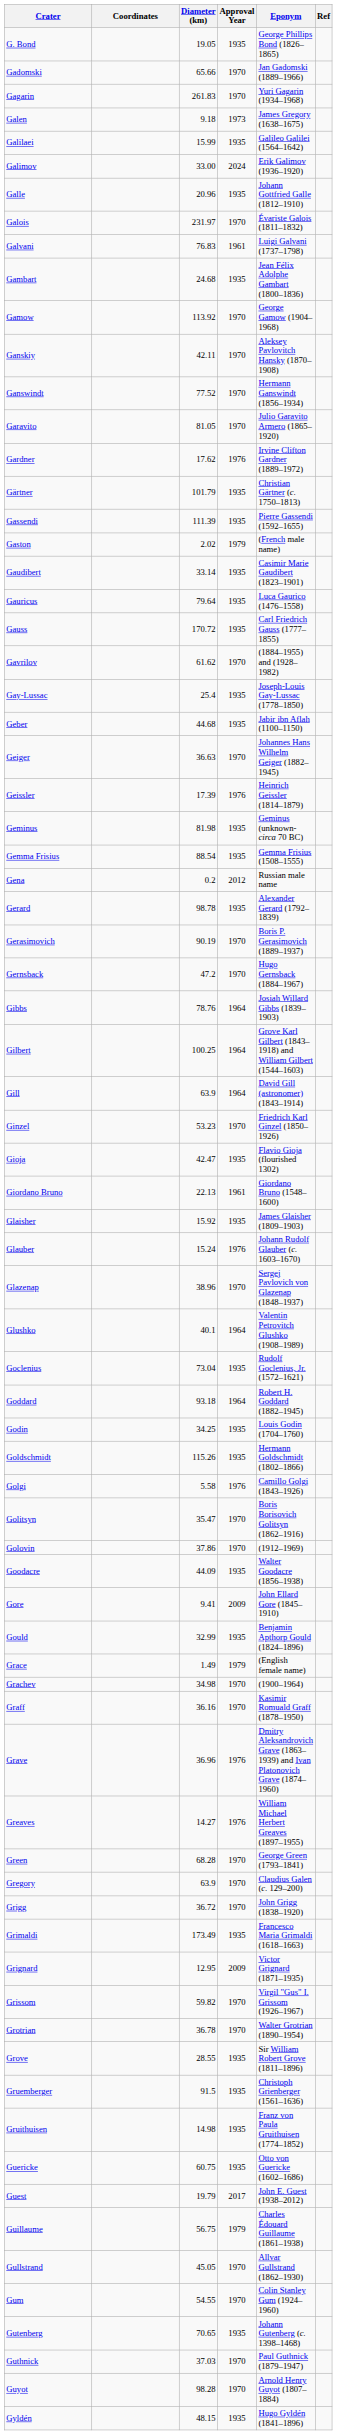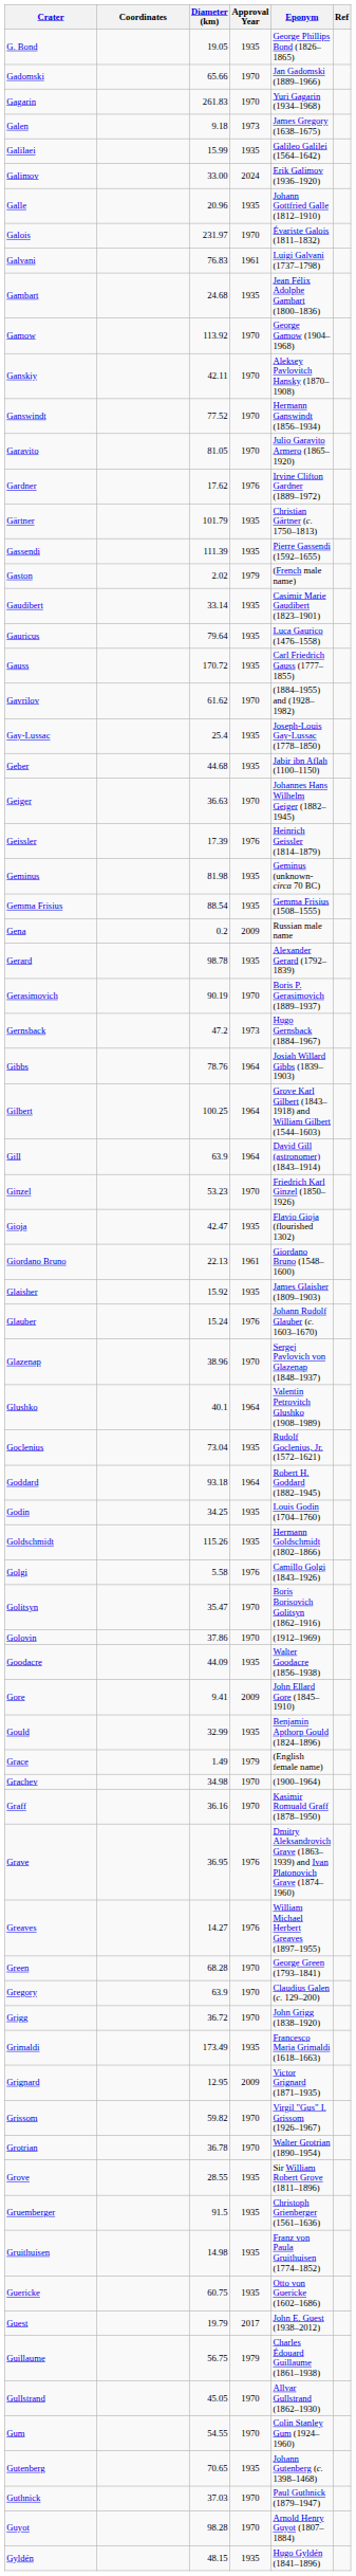 <table class="wikitable sortable" style="min-width: 90%">
 <tr>
 <th style="width:10em"><a href='#'>Crater</a></th>
 <th data-sort-type="number" style="width:10em">Coordinates</th>
 <th><a href='#'>Diameter</a><br>(km)</th>
 <th>Approval<br>Year</th>
 <th><a href='#'>Eponym</a></th>
 <th>Ref</th>
 </tr>
 <tr id="G. Bond">
 <td><a href='#'>G. Bond</a></td>
 <td></td>
 <td align=right>19.05</td>
 <td align=center>1935</td>
 <td><a href='#'>George Phillips Bond</a> (1826–1865)</td>
 <td></td>
 </tr>
 <tr id="Gadomski">
 <td><a href='#'>Gadomski</a></td>
 <td></td>
 <td align=right>65.66</td>
 <td align=center>1970</td>
 <td><a href='#'>Jan Gadomski</a> (1889–1966)</td>
 <td></td>
 </tr>
 <tr id="Gagarin">
 <td><a href='#'>Gagarin</a></td>
 <td></td>
 <td align=right>261.83</td>
 <td align=center>1970</td>
 <td><a href='#'>Yuri Gagarin</a> (1934–1968)</td>
 <td></td>
 </tr>
 <tr id="Galen">
 <td><a href='#'>Galen</a></td>
 <td></td>
 <td align=right>9.18</td>
 <td align=center>1973</td>
 <td><a href='#'>James Gregory</a> (1638–1675)</td>
 <td></td>
 </tr>
 <tr id="Galilaei">
 <td><a href='#'>Galilaei</a></td>
 <td></td>
 <td align=right>15.99</td>
 <td align=center>1935</td>
 <td><a href='#'>Galileo Galilei</a> (1564–1642)</td>
 <td></td>
 </tr>
 <tr id="Galimov">
 <td><a href='#'>Galimov</a></td>
 <td></td>
 <td align=right>33.00</td>
 <td align=center>2024</td>
 <td><a href='#'>Erik Galimov</a> (1936–1920)</td>
 <td></td>
 </tr>
 <tr id="Galle">
 <td><a href='#'>Galle</a></td>
 <td></td>
 <td align=right>20.96</td>
 <td align=center>1935</td>
 <td><a href='#'>Johann Gottfried Galle</a> (1812–1910)</td>
 <td></td>
 </tr>
 <tr id="Galois">
 <td><a href='#'>Galois</a></td>
 <td></td>
 <td align=right>231.97</td>
 <td align=center>1970</td>
 <td><a href='#'>Évariste Galois</a> (1811–1832)</td>
 <td></td>
 </tr>
 <tr id="Galvani">
 <td><a href='#'>Galvani</a></td>
 <td></td>
 <td align=right>76.83</td>
 <td align=center>1961</td>
 <td><a href='#'>Luigi Galvani</a> (1737–1798)</td>
 <td></td>
 </tr>
 <tr id="Gambart">
 <td><a href='#'>Gambart</a></td>
 <td></td>
 <td align=right>24.68</td>
 <td align=center>1935</td>
 <td><a href='#'>Jean Félix Adolphe Gambart</a> (1800–1836)</td>
 <td></td>
 </tr>
 <tr id="Gamow">
 <td><a href='#'>Gamow</a></td>
 <td></td>
 <td align=right>113.92</td>
 <td align=center>1970</td>
 <td><a href='#'>George Gamow</a> (1904–1968)</td>
 <td></td>
 </tr>
 <tr id="Ganskiy">
 <td><a href='#'>Ganskiy</a></td>
 <td></td>
 <td align=right>42.11</td>
 <td align=center>1970</td>
 <td><a href='#'>Aleksey Pavlovitch Hansky</a> (1870–1908)</td>
 <td></td>
 </tr>
 <tr id="Ganswindt">
 <td><a href='#'>Ganswindt</a></td>
 <td></td>
 <td align=right>77.52</td>
 <td align=center>1970</td>
 <td><a href='#'>Hermann Ganswindt</a> (1856–1934)</td>
 <td></td>
 </tr>
 <tr id="Garavito">
 <td><a href='#'>Garavito</a></td>
 <td></td>
 <td align=right>81.05</td>
 <td align=center>1970</td>
 <td><a href='#'>Julio Garavito Armero</a> (1865–1920)</td>
 <td></td>
 </tr>
 <tr id="Gardner">
 <td><a href='#'>Gardner</a></td>
 <td></td>
 <td align=right>17.62</td>
 <td align=center>1976</td>
 <td><a href='#'>Irvine Clifton Gardner</a> (1889–1972)</td>
 <td></td>
 </tr>
 <tr id="Gärtner">
 <td><a href='#'>Gärtner</a></td>
 <td></td>
 <td align=right>101.79</td>
 <td align=center>1935</td>
 <td><a href='#'>Christian Gärtner</a> (<em>c.</em> 1750–1813)</td>
 <td></td>
 </tr>
 <tr id="Gassendi">
 <td><a href='#'>Gassendi</a></td>
 <td></td>
 <td align=right>111.39</td>
 <td align=center>1935</td>
 <td><a href='#'>Pierre Gassendi</a> (1592–1655)</td>
 <td></td>
 </tr>
 <tr id="Gaston">
 <td><a href='#'>Gaston</a></td>
 <td></td>
 <td align=right>2.02</td>
 <td align=center>1979</td>
 <td>(<a href='#'>French</a> male name)</td>
 <td></td>
 </tr>
 <tr id="Gaudibert">
 <td><a href='#'>Gaudibert</a></td>
 <td></td>
 <td align=right>33.14</td>
 <td align=center>1935</td>
 <td><a href='#'>Casimir Marie Gaudibert</a> (1823–1901)</td>
 <td></td>
 </tr>
 <tr id="Gauricus">
 <td><a href='#'>Gauricus</a></td>
 <td></td>
 <td align=right>79.64</td>
 <td align=center>1935</td>
 <td><a href='#'>Luca Gaurico</a> (1476–1558)</td>
 <td></td>
 </tr>
 <tr id="Gauss">
 <td><a href='#'>Gauss</a></td>
 <td></td>
 <td align=right>170.72</td>
 <td align=center>1935</td>
 <td><a href='#'>Carl Friedrich Gauss</a> (1777–1855)</td>
 <td></td>
 </tr>
 <tr id="Gavrilov">
 <td><a href='#'>Gavrilov</a></td>
 <td></td>
 <td align=right>61.62</td>
 <td align=center>1970</td>
 <td> (1884–1955) and  (1928–1982)</td>
 <td></td>
 </tr>
 <tr id="Gay-Lussac">
 <td><a href='#'>Gay-Lussac</a></td>
 <td></td>
 <td align=right>25.4</td>
 <td align=center>1935</td>
 <td><a href='#'>Joseph-Louis Gay-Lussac</a> (1778–1850)</td>
 <td></td>
 </tr>
 <tr id="Geber">
 <td><a href='#'>Geber</a></td>
 <td></td>
 <td align=right>44.68</td>
 <td align=center>1935</td>
 <td><a href='#'>Jabir ibn Aflah</a> (1100–1150)</td>
 <td></td>
 </tr>
 <tr id="Geiger">
 <td><a href='#'>Geiger</a></td>
 <td></td>
 <td align=right>36.63</td>
 <td align=center>1970</td>
 <td><a href='#'>Johannes Hans Wilhelm Geiger</a> (1882–1945)</td>
 <td></td>
 </tr>
 <tr id="Geissler">
 <td><a href='#'>Geissler</a></td>
 <td></td>
 <td align=right>17.39</td>
 <td align=center>1976</td>
 <td><a href='#'>Heinrich Geissler</a> (1814–1879)</td>
 <td></td>
 </tr>
 <tr id="Geminus">
 <td><a href='#'>Geminus</a></td>
 <td></td>
 <td align=right>81.98</td>
 <td align=center>1935</td>
 <td><a href='#'>Geminus</a> (unknown-<em>circa</em> 70 BC)</td>
 <td></td>
 </tr>
 <tr id="Gemma Frisius">
 <td><a href='#'>Gemma Frisius</a></td>
 <td></td>
 <td align=right>88.54</td>
 <td align=center>1935</td>
 <td><a href='#'>Gemma Frisius</a> (1508–1555)</td>
 <td></td>
 </tr>
 <tr id="Gena">
 <td><a href='#'>Gena</a></td>
 <td></td>
 <td align=right>0.2</td>
-<td align=center>2012</td>
+<td align=center>2009</td>
 <td>Russian male name</td>
 <td></td>
 </tr>
 <tr id="Gerard">
 <td><a href='#'>Gerard</a></td>
 <td></td>
 <td align=right>98.78</td>
 <td align=center>1935</td>
 <td><a href='#'>Alexander Gerard</a> (1792–1839)</td>
 <td></td>
 </tr>
 <tr id="Gerasimovich">
 <td><a href='#'>Gerasimovich</a></td>
 <td></td>
 <td align=right>90.19</td>
 <td align=center>1970</td>
 <td><a href='#'>Boris P. Gerasimovich</a> (1889–1937)</td>
 <td></td>
 </tr>
 <tr id="Gernsback">
 <td><a href='#'>Gernsback</a></td>
 <td></td>
 <td align=right>47.2</td>
-<td align=center>1970</td>
+<td align=center>1973</td>
 <td><a href='#'>Hugo Gernsback</a> (1884–1967)</td>
 <td></td>
 </tr>
 <tr id="Gibbs">
 <td><a href='#'>Gibbs</a></td>
 <td></td>
 <td align=right>78.76</td>
 <td align=center>1964</td>
 <td><a href='#'>Josiah Willard Gibbs</a> (1839–1903)</td>
 <td></td>
 </tr>
 <tr id="Gilbert">
 <td><a href='#'>Gilbert</a></td>
 <td></td>
 <td align=right>100.25</td>
 <td align=center>1964</td>
 <td><a href='#'>Grove Karl Gilbert</a> (1843–1918) and <a href='#'>William Gilbert</a> (1544–1603)</td>
 <td></td>
 </tr>
 <tr id="Gill">
 <td><a href='#'>Gill</a></td>
 <td></td>
 <td align=right>63.9</td>
 <td align=center>1964</td>
 <td><a href='#'>David Gill (astronomer)</a> (1843–1914)</td>
 <td></td>
 </tr>
 <tr id="Ginzel">
 <td><a href='#'>Ginzel</a></td>
 <td></td>
 <td align=right>53.23</td>
 <td align=center>1970</td>
 <td><a href='#'>Friedrich Karl Ginzel</a> (1850–1926)</td>
 <td></td>
 </tr>
 <tr id="Gioja">
 <td><a href='#'>Gioja</a></td>
 <td></td>
 <td align=right>42.47</td>
 <td align=center>1935</td>
 <td><a href='#'>Flavio Gioja</a> (flourished 1302)</td>
 <td></td>
 </tr>
 <tr id="Giordano Bruno">
 <td><a href='#'>Giordano Bruno</a></td>
 <td></td>
 <td align=right>22.13</td>
 <td align=center>1961</td>
 <td><a href='#'>Giordano Bruno</a> (1548–1600)</td>
 <td></td>
 </tr>
 <tr id="Glaisher">
 <td><a href='#'>Glaisher</a></td>
 <td></td>
 <td align=right>15.92</td>
 <td align=center>1935</td>
 <td><a href='#'>James Glaisher</a> (1809–1903)</td>
 <td></td>
 </tr>
 <tr id="Glauber">
 <td><a href='#'>Glauber</a></td>
 <td></td>
 <td align=right>15.24</td>
 <td align=center>1976</td>
 <td><a href='#'>Johann Rudolf Glauber</a> (<em>c.</em> 1603–1670)</td>
 <td></td>
 </tr>
 <tr id="Glazenap">
 <td><a href='#'>Glazenap</a></td>
 <td></td>
 <td align=right>38.96</td>
 <td align=center>1970</td>
 <td><a href='#'>Sergej Pavlovich von Glazenap</a> (1848–1937)</td>
 <td></td>
 </tr>
 <tr id="Glushko">
 <td><a href='#'>Glushko</a></td>
 <td></td>
 <td align=right>40.1</td>
 <td align=center>1964</td>
 <td><a href='#'>Valentin Petrovitch Glushko</a> (1908–1989)</td>
 <td></td>
 </tr>
 <tr id="Goclenius">
 <td><a href='#'>Goclenius</a></td>
 <td></td>
 <td align=right>73.04</td>
 <td align=center>1935</td>
 <td><a href='#'>Rudolf Goclenius, Jr.</a> (1572–1621)</td>
 <td></td>
 </tr>
 <tr id="Goddard">
 <td><a href='#'>Goddard</a></td>
 <td></td>
 <td align=right>93.18</td>
 <td align=center>1964</td>
 <td><a href='#'>Robert H. Goddard</a> (1882–1945)</td>
 <td></td>
 </tr>
 <tr id="Godin">
 <td><a href='#'>Godin</a></td>
 <td></td>
 <td align=right>34.25</td>
 <td align=center>1935</td>
 <td><a href='#'>Louis Godin</a> (1704–1760)</td>
 <td></td>
 </tr>
 <tr id="Goldschmidt">
 <td><a href='#'>Goldschmidt</a></td>
 <td></td>
 <td align=right>115.26</td>
 <td align=center>1935</td>
 <td><a href='#'>Hermann Goldschmidt</a> (1802–1866)</td>
 <td></td>
 </tr>
 <tr id="Golgi">
 <td><a href='#'>Golgi</a></td>
 <td></td>
 <td align=right>5.58</td>
 <td align=center>1976</td>
 <td><a href='#'>Camillo Golgi</a> (1843–1926)</td>
 <td></td>
 </tr>
 <tr id="Golitsyn">
 <td><a href='#'>Golitsyn</a></td>
 <td></td>
 <td align=right>35.47</td>
 <td align=center>1970</td>
 <td><a href='#'>Boris Borisovich Golitsyn</a> (1862–1916)</td>
 <td></td>
 </tr>
 <tr id="Golovin">
 <td><a href='#'>Golovin</a></td>
 <td></td>
 <td align=right>37.86</td>
 <td align=center>1970</td>
 <td> (1912–1969)</td>
 <td></td>
 </tr>
 <tr id="Goodacre">
 <td><a href='#'>Goodacre</a></td>
 <td></td>
 <td align=right>44.09</td>
 <td align=center>1935</td>
 <td><a href='#'>Walter Goodacre</a> (1856–1938)</td>
 <td></td>
 </tr>
 <tr id="Gore">
 <td><a href='#'>Gore</a></td>
 <td></td>
 <td align=right>9.41</td>
 <td align=center>2009</td>
 <td><a href='#'>John Ellard Gore</a> (1845–1910)</td>
 <td></td>
 </tr>
 <tr id="Gould">
 <td><a href='#'>Gould</a></td>
 <td></td>
 <td align=right>32.99</td>
 <td align=center>1935</td>
 <td><a href='#'>Benjamin Apthorp Gould</a> (1824–1896)</td>
 <td></td>
 </tr>
 <tr id="Grace">
 <td><a href='#'>Grace</a></td>
 <td></td>
 <td align=right>1.49</td>
 <td align=center>1979</td>
 <td>(English female name)</td>
 <td></td>
 </tr>
 <tr id="Grachev">
 <td><a href='#'>Grachev</a></td>
 <td></td>
 <td align=right>34.98</td>
 <td align=center>1970</td>
 <td> (1900–1964)</td>
 <td></td>
 </tr>
 <tr id="Graff">
 <td><a href='#'>Graff</a></td>
 <td></td>
 <td align=right>36.16</td>
 <td align=center>1970</td>
 <td><a href='#'>Kasimir Romuald Graff</a> (1878–1950)</td>
 <td></td>
 </tr>
 <tr id="Grave">
 <td><a href='#'>Grave</a></td>
 <td></td>
-<td align=right>36.96</td>
+<td align=right>36.95</td>
 <td align=center>1976</td>
 <td><a href='#'>Dmitry Aleksandrovich Grave</a> (1863–1939) and <a href='#'>Ivan Platonovich Grave</a> (1874–1960)</td>
 <td></td>
 </tr>
 <tr id="Greaves">
 <td><a href='#'>Greaves</a></td>
 <td></td>
 <td align=right>14.27</td>
 <td align=center>1976</td>
 <td><a href='#'>William Michael Herbert Greaves</a> (1897–1955)</td>
 <td></td>
 </tr>
 <tr id="Green">
 <td><a href='#'>Green</a></td>
 <td></td>
 <td align=right>68.28</td>
 <td align=center>1970</td>
 <td><a href='#'>George Green</a> (1793–1841)</td>
 <td></td>
 </tr>
 <tr id="Gregory">
 <td><a href='#'>Gregory</a></td>
 <td></td>
 <td align=right>63.9</td>
 <td align=center>1970</td>
 <td><a href='#'>Claudius Galen</a> (<em>c.</em> 129–200)</td>
 <td></td>
 </tr>
 <tr id="Grigg">
 <td><a href='#'>Grigg</a></td>
 <td></td>
 <td align=right>36.72</td>
 <td align=center>1970</td>
 <td><a href='#'>John Grigg</a> (1838–1920)</td>
 <td></td>
 </tr>
 <tr id="Grimaldi">
 <td><a href='#'>Grimaldi</a></td>
 <td></td>
 <td align=right>173.49</td>
 <td align=center>1935</td>
 <td><a href='#'>Francesco Maria Grimaldi</a> (1618–1663)</td>
 <td></td>
 </tr>
 <tr id="Grignard">
 <td><a href='#'>Grignard</a></td>
 <td></td>
 <td align=right>12.95</td>
 <td align=center>2009</td>
 <td><a href='#'>Victor Grignard</a> (1871–1935)</td>
 <td></td>
 </tr>
 <tr id="Grissom">
 <td><a href='#'>Grissom</a></td>
 <td></td>
 <td align=right>59.82</td>
 <td align=center>1970</td>
 <td><a href='#'>Virgil "Gus" I. Grissom</a> (1926–1967)</td>
 <td></td>
 </tr>
 <tr id="Grotrian">
 <td><a href='#'>Grotrian</a></td>
 <td></td>
 <td align=right>36.78</td>
 <td align=center>1970</td>
 <td><a href='#'>Walter Grotrian</a> (1890–1954)</td>
 <td></td>
 </tr>
 <tr id="Grove">
 <td><a href='#'>Grove</a></td>
 <td></td>
 <td align=right>28.55</td>
 <td align=center>1935</td>
 <td>Sir <a href='#'>William Robert Grove</a> (1811–1896)</td>
 <td></td>
 </tr>
 <tr id="Gruemberger">
 <td><a href='#'>Gruemberger</a></td>
 <td></td>
 <td align=right>91.5</td>
 <td align=center>1935</td>
 <td><a href='#'>Christoph Grienberger</a> (1561–1636)</td>
 <td></td>
 </tr>
 <tr id="Gruithuisen">
 <td><a href='#'>Gruithuisen</a></td>
 <td></td>
 <td align=right>14.98</td>
 <td align=center>1935</td>
 <td><a href='#'>Franz von Paula Gruithuisen</a> (1774–1852)</td>
 <td></td>
 </tr>
 <tr id="Guericke">
 <td><a href='#'>Guericke</a></td>
 <td></td>
 <td align=right>60.75</td>
 <td align=center>1935</td>
 <td><a href='#'>Otto von Guericke</a> (1602–1686)</td>
 <td></td>
 </tr>
 <tr id="Guest">
 <td><a href='#'>Guest</a></td>
 <td></td>
 <td align=right>19.79</td>
 <td align=center>2017</td>
 <td><a href='#'>John E. Guest</a> (1938–2012)</td>
 <td></td>
 </tr>
 <tr id="Guillaume">
 <td><a href='#'>Guillaume</a></td>
 <td></td>
 <td align=right>56.75</td>
 <td align=center>1979</td>
 <td><a href='#'>Charles Édouard Guillaume</a> (1861–1938)</td>
 <td></td>
 </tr>
 <tr id="Gullstrand">
 <td><a href='#'>Gullstrand</a></td>
 <td></td>
 <td align=right>45.05</td>
 <td align=center>1970</td>
 <td><a href='#'>Allvar Gullstrand</a> (1862–1930)</td>
 <td></td>
 </tr>
 <tr id="Gum">
 <td><a href='#'>Gum</a></td>
 <td></td>
 <td align=right>54.55</td>
 <td align=center>1970</td>
 <td><a href='#'>Colin Stanley Gum</a> (1924–1960)</td>
 <td></td>
 </tr>
 <tr id="Gutenberg">
 <td><a href='#'>Gutenberg</a></td>
 <td></td>
 <td align=right>70.65</td>
 <td align=center>1935</td>
 <td><a href='#'>Johann Gutenberg</a> (<em>c.</em> 1398–1468)</td>
 <td></td>
 </tr>
 <tr id="Guthnick">
 <td><a href='#'>Guthnick</a></td>
 <td></td>
 <td align=right>37.03</td>
 <td align=center>1970</td>
 <td><a href='#'>Paul Guthnick</a> (1879–1947)</td>
 <td></td>
 </tr>
 <tr id="Guyot">
 <td><a href='#'>Guyot</a></td>
 <td></td>
 <td align=right>98.28</td>
 <td align=center>1970</td>
 <td><a href='#'>Arnold Henry Guyot</a> (1807–1884)</td>
 <td></td>
 </tr>
 <tr id="Gyldén">
 <td><a href='#'>Gyldén</a></td>
 <td></td>
 <td align=right>48.15</td>
 <td align=center>1935</td>
 <td><a href='#'>Hugo Gyldén</a> (1841–1896)</td>
 <td></td>
 </tr>
 </table>
